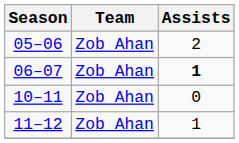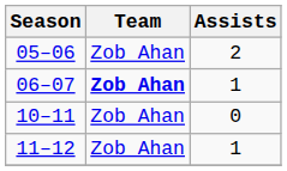 <table class="wikitable" style="text-align: center;">
 <tr>
 <th>Season</th>
 <th>Team</th>
 <th>Assists</th>
 </tr>
 <tr>
 <td><a href='#'>05–06</a></td>
 <td align="left"><a href='#'>Zob Ahan</a></td>
 <td>2</td>
 </tr>
 <tr>
 <td><a href='#'>06–07</a></td>
-<td align="left"><a href='#'>Zob Ahan</a></td>
-<td><strong>1</strong></td>
+<td align="left"><strong><a href='#'>Zob Ahan</a></strong></td>
+<td>1</td>
 </tr>
 <tr>
 <td><a href='#'>10–11</a></td>
 <td align="left"><a href='#'>Zob Ahan</a></td>
 <td>0</td>
 </tr>
 <tr>
 <td><a href='#'>11–12</a></td>
 <td align="left"><a href='#'>Zob Ahan</a></td>
 <td>1</td>
 </tr>
 <tr>
 </tr>
 </table>
